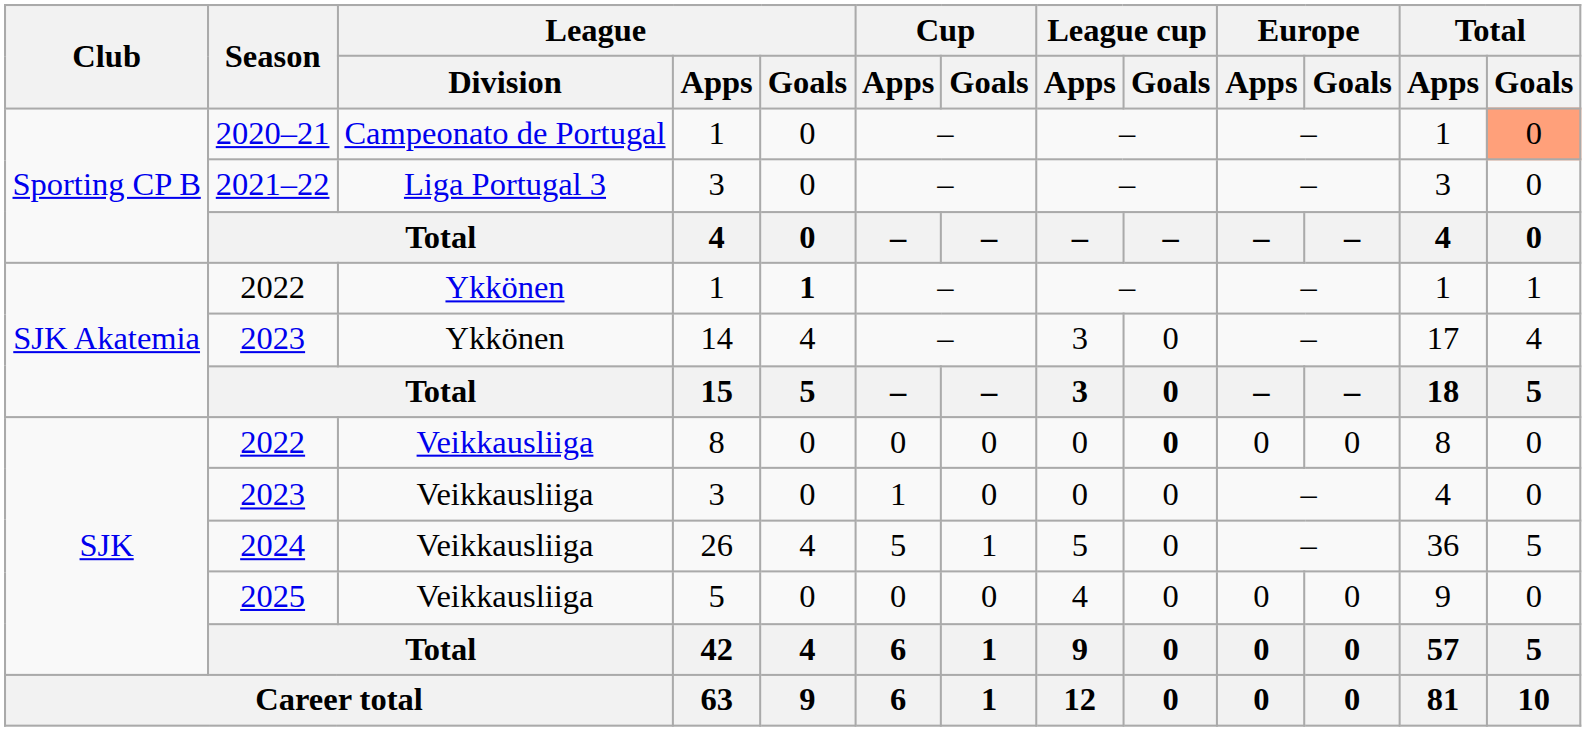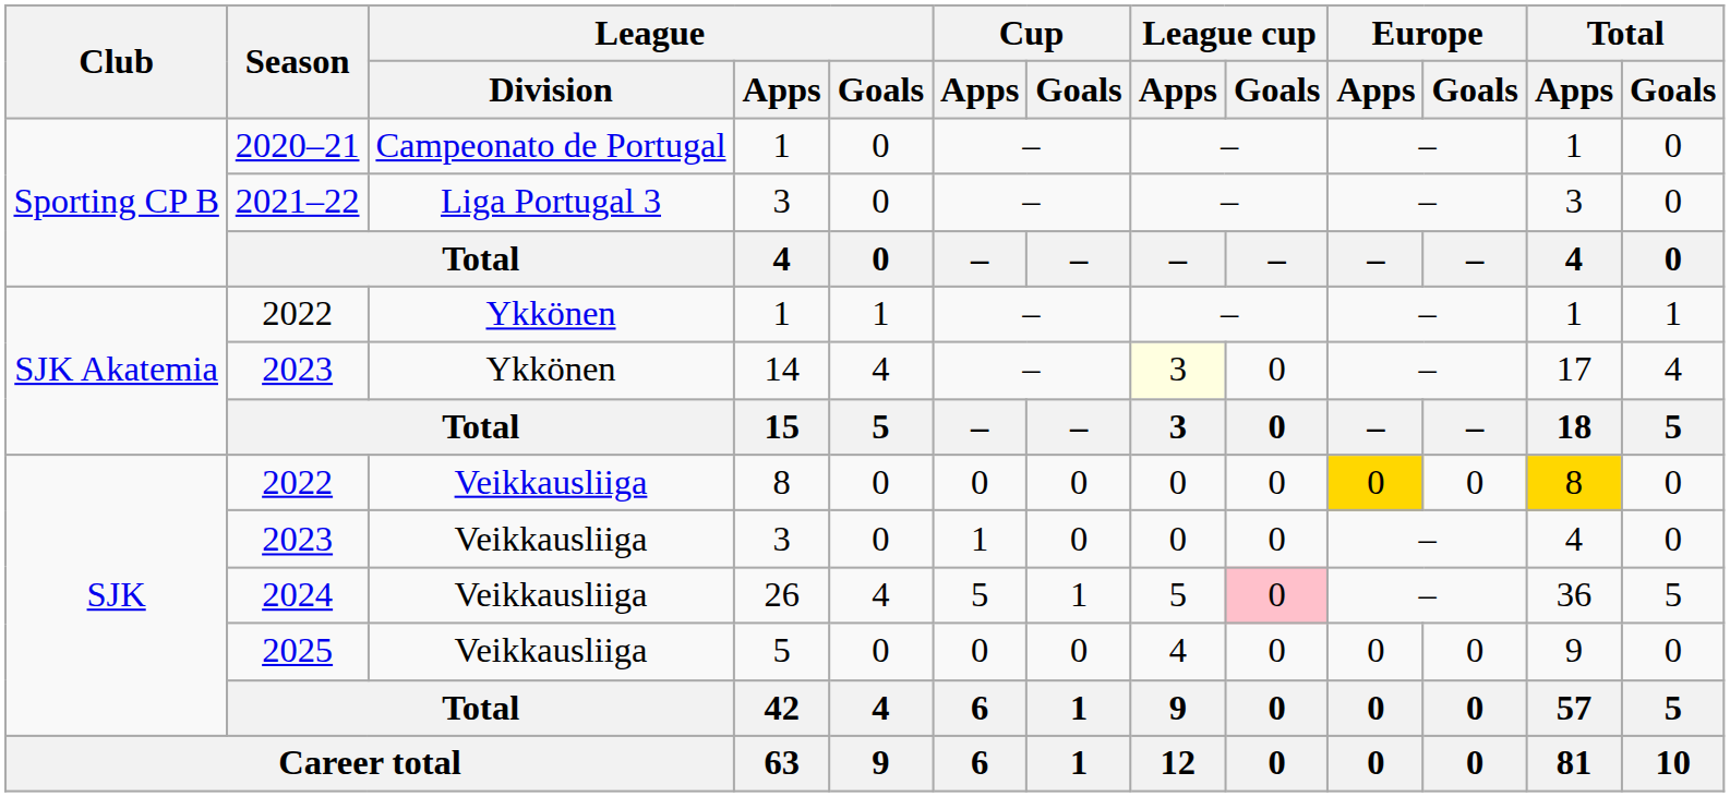 <table class="wikitable" style="text-align:center">
 <tr>
 <th rowspan="2">Club</th>
 <th rowspan="2">Season</th>
 <th colspan="3">League</th>
 <th colspan="2">Cup</th>
 <th colspan="2">League cup</th>
 <th colspan="2">Europe</th>
 <th colspan="2">Total</th>
 </tr>
 <tr>
 <th>Division</th>
 <th>Apps</th>
 <th>Goals</th>
 <th>Apps</th>
 <th>Goals</th>
 <th>Apps</th>
 <th>Goals</th>
 <th>Apps</th>
 <th>Goals</th>
 <th>Apps</th>
 <th>Goals</th>
 </tr>
 <tr>
 <td rowspan="3"><a href='#'>Sporting CP B</a></td>
 <td><a href='#'>2020–21</a></td>
 <td><a href='#'>Campeonato de Portugal</a></td>
 <td>1</td>
 <td>0</td>
 <td colspan="2">–</td>
 <td colspan="2">–</td>
 <td colspan="2">–</td>
 <td>1</td>
-<td style="background: lightsalmon;">0</td>
+<td>0</td>
 </tr>
 <tr>
 <td><a href='#'>2021–22</a></td>
 <td><a href='#'>Liga Portugal 3</a></td>
 <td>3</td>
 <td>0</td>
 <td colspan="2">–</td>
 <td colspan="2">–</td>
 <td colspan="2">–</td>
 <td>3</td>
 <td>0</td>
 </tr>
 <tr>
 <th colspan="2">Total</th>
 <th>4</th>
 <th>0</th>
 <th>–</th>
 <th>–</th>
 <th>–</th>
 <th>–</th>
 <th>–</th>
 <th>–</th>
 <th>4</th>
 <th>0</th>
 </tr>
 <tr>
 <td rowspan="3"><a href='#'>SJK Akatemia</a></td>
 <td>2022</td>
 <td><a href='#'>Ykkönen</a></td>
 <td>1</td>
-<td><strong>1</strong></td>
+<td>1</td>
 <td colspan="2">–</td>
 <td colspan="2">–</td>
 <td colspan="2">–</td>
 <td>1</td>
 <td>1</td>
 </tr>
 <tr>
 <td><a href='#'>2023</a></td>
 <td>Ykkönen</td>
 <td>14</td>
 <td>4</td>
 <td colspan="2">–</td>
-<td>3</td>
+<td style="background: lightyellow;">3</td>
 <td>0</td>
 <td colspan="2">–</td>
 <td>17</td>
 <td>4</td>
 </tr>
 <tr>
 <th colspan="2">Total</th>
 <th>15</th>
 <th>5</th>
 <th>–</th>
 <th>–</th>
 <th>3</th>
 <th>0</th>
 <th>–</th>
 <th>–</th>
 <th>18</th>
 <th>5</th>
 </tr>
 <tr>
 <td rowspan="5"><a href='#'>SJK</a></td>
 <td><a href='#'>2022</a></td>
 <td><a href='#'>Veikkausliiga</a></td>
 <td>8</td>
 <td>0</td>
 <td>0</td>
 <td>0</td>
 <td>0</td>
-<td><strong>0</strong></td>
 <td>0</td>
+<td style="background: gold;">0</td>
 <td>0</td>
-<td>8</td>
+<td style="background: gold;">8</td>
 <td>0</td>
 </tr>
 <tr>
 <td><a href='#'>2023</a></td>
 <td>Veikkausliiga</td>
 <td>3</td>
 <td>0</td>
 <td>1</td>
 <td>0</td>
 <td>0</td>
 <td>0</td>
 <td colspan="2">–</td>
 <td>4</td>
 <td>0</td>
 </tr>
 <tr>
 <td><a href='#'>2024</a></td>
 <td>Veikkausliiga</td>
 <td>26</td>
 <td>4</td>
 <td>5</td>
 <td>1</td>
 <td>5</td>
-<td>0</td>
+<td style="background: pink;">0</td>
 <td colspan="2">–</td>
 <td>36</td>
 <td>5</td>
 </tr>
 <tr>
 <td><a href='#'>2025</a></td>
 <td>Veikkausliiga</td>
 <td>5</td>
 <td>0</td>
 <td>0</td>
 <td>0</td>
 <td>4</td>
 <td>0</td>
 <td>0</td>
 <td>0</td>
 <td>9</td>
 <td>0</td>
 </tr>
 <tr>
 <th colspan="2">Total</th>
 <th>42</th>
 <th>4</th>
 <th>6</th>
 <th>1</th>
 <th>9</th>
 <th>0</th>
 <th>0</th>
 <th>0</th>
 <th>57</th>
 <th>5</th>
 </tr>
 <tr>
 <th colspan="3">Career total</th>
 <th>63</th>
 <th>9</th>
 <th>6</th>
 <th>1</th>
 <th>12</th>
 <th>0</th>
 <th>0</th>
 <th>0</th>
 <th>81</th>
 <th>10</th>
 </tr>
 </table>
